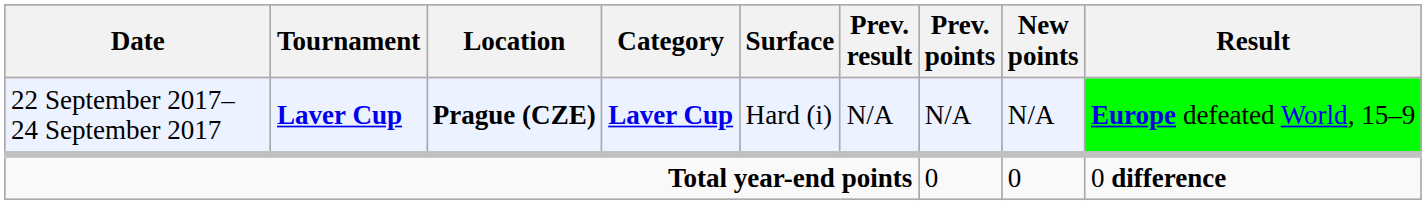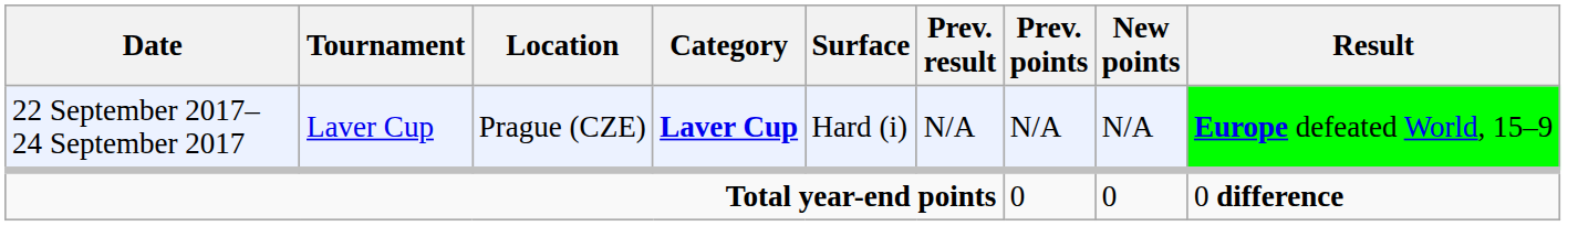 <table class="wikitable" style="text-align:left">
 <tr>
 <th style="width:150px">Date</th>
 <th>Tournament</th>
 <th>Location</th>
 <th>Category</th>
 <th>Surface</th>
 <th>Prev.<br>result</th>
 <th>Prev.<br>points</th>
 <th>New<br>points</th>
 <th>Result</th>
 </tr>
 <tr style="background:#ECF2FF;">
 <td>22 September 2017–<br>24 September 2017</td>
-<td><strong><a href='#'>Laver Cup</a></strong></td>
-<td><strong>Prague (CZE)</strong></td>
+<td><a href='#'>Laver Cup</a></td>
+<td>Prague (CZE)</td>
 <td><strong><a href='#'>Laver Cup</a></strong></td>
 <td>Hard (i)</td>
 <td>N/A</td>
 <td>N/A</td>
 <td>N/A</td>
 <td style="background:lime;"><strong> <a href='#'>Europe</a></strong> defeated  <a href='#'>World</a>, 15–9</td>
 </tr>
 <tr style="border-top:4px solid silver;">
 <td colspan=6 align=right><strong>Total year-end points</strong></td>
 <td>0</td>
 <td>0</td>
 <td> 0 <strong>difference</strong></td>
 </tr>
 </table>
